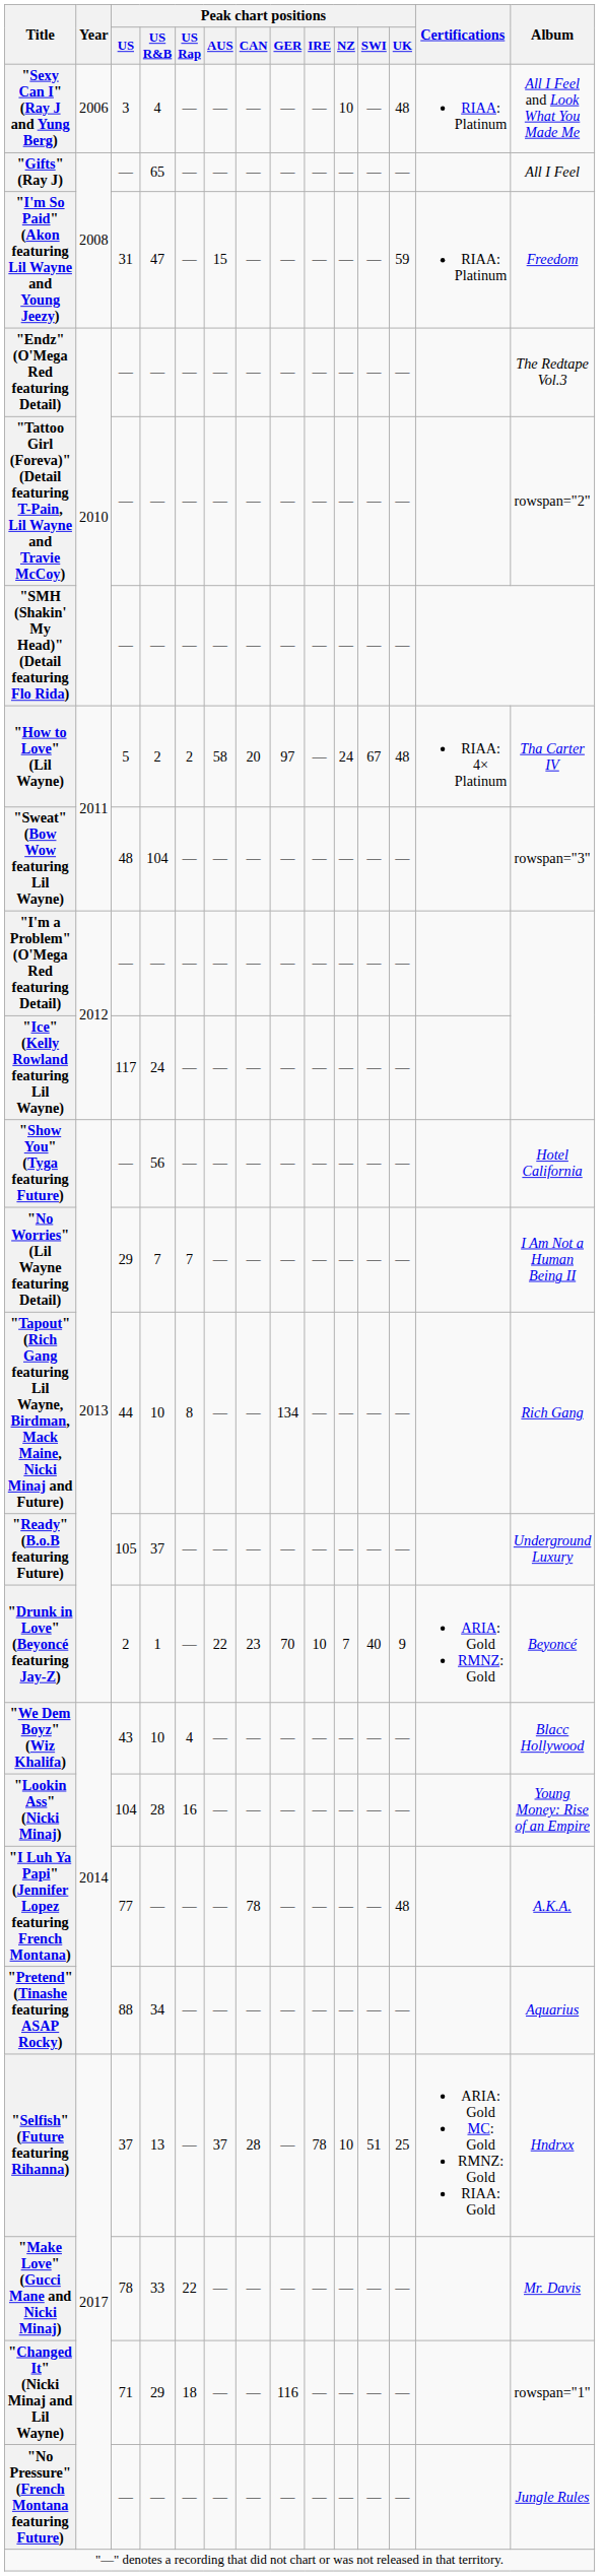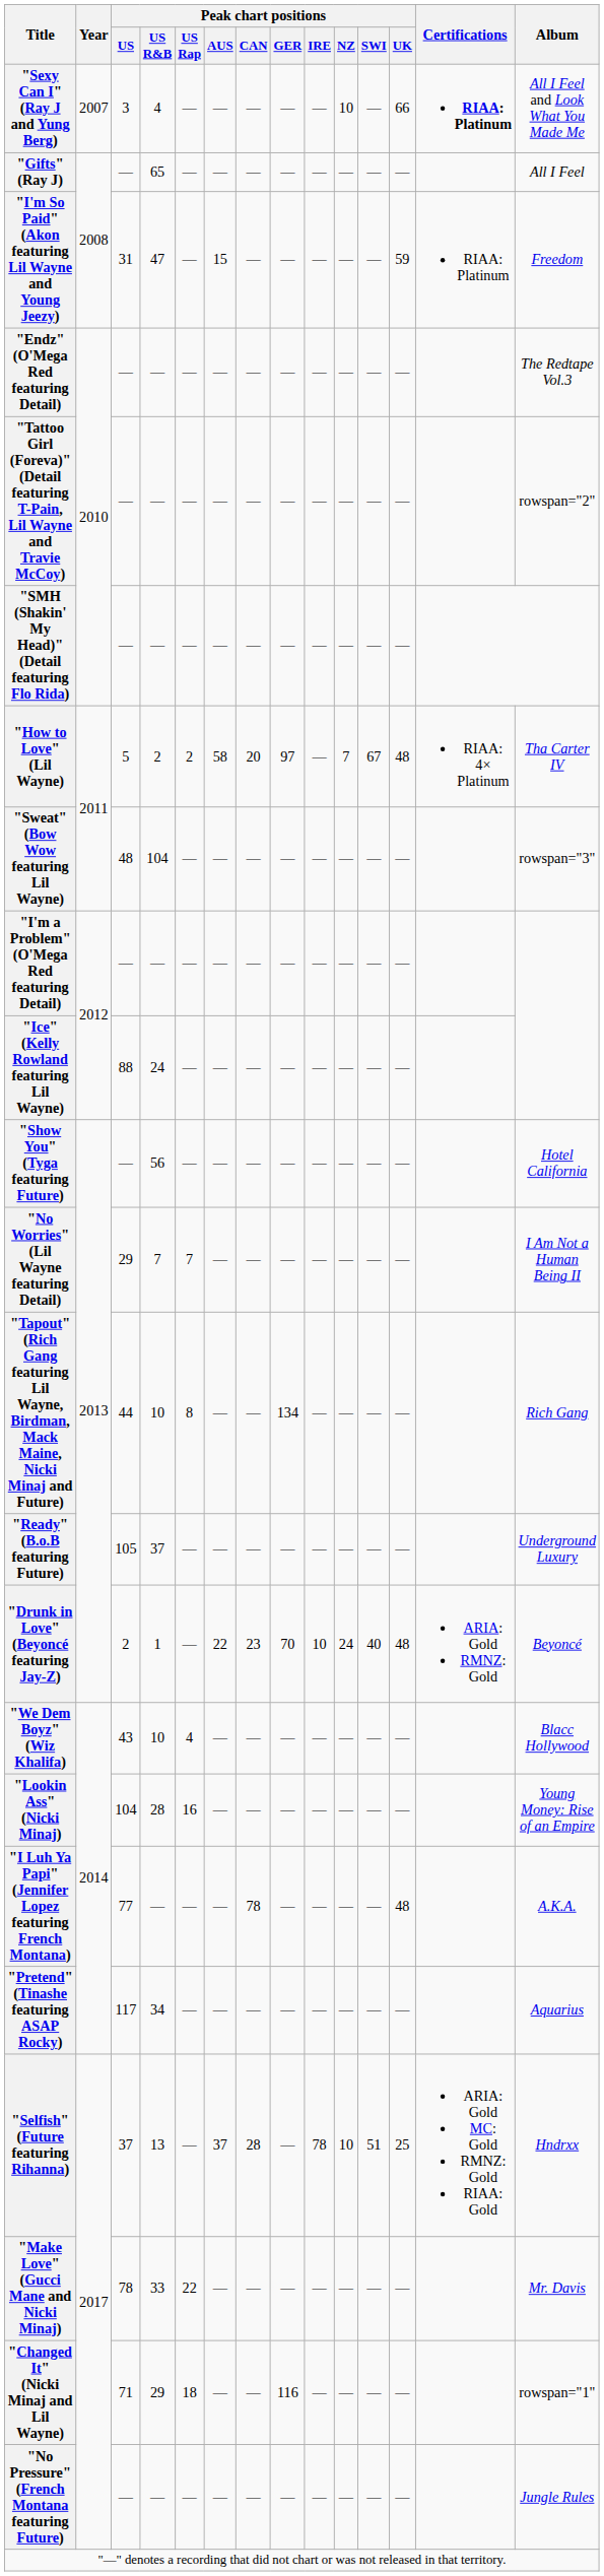 <table class="wikitable plainrowheaders" style="text-align:center;">
 <tr>
 <th scope="col" rowspan="2" style="width:20em;">Title</th>
 <th scope="col" rowspan="2">Year</th>
 <th scope="col" colspan="10">Peak chart positions</th>
 <th scope="col" rowspan="2" style="width:12em;"><a href='#'>Certifications</a></th>
 <th scope="col" rowspan="2">Album</th>
 </tr>
 <tr>
 <th scope="col" style="width:3em;font-size:90%;"><a href='#'>US</a></th>
 <th scope="col" style="width:3em;font-size:90%;"><a href='#'>US R&B</a></th>
 <th scope="col" style="width:3em;font-size:90%;"><a href='#'>US Rap</a></th>
 <th scope="col" style="width:3em;font-size:90%;"><a href='#'>AUS</a></th>
 <th scope="col" style="width:3em;font-size:90%;"><a href='#'>CAN</a></th>
 <th scope="col" style="width:3em;font-size:90%;"><a href='#'>GER</a></th>
 <th scope="col" style="width:3em;font-size:90%;"><a href='#'>IRE</a></th>
 <th scope="col" style="width:3em;font-size:90%;"><a href='#'>NZ</a></th>
 <th scope="col" style="width:3em;font-size:90%;"><a href='#'>SWI</a></th>
 <th scope="col" style="width:3em;font-size:90%;"><a href='#'>UK</a></th>
 </tr>
 <tr>
 <th scope="row">"<a href='#'>Sexy Can I</a>"<br><span>(<a href='#'>Ray J</a> and <a href='#'>Yung Berg</a>)</span></th>
-<td>2006</td>
+<td>2007</td>
 <td>3</td>
 <td>4</td>
 <td>—</td>
 <td>—</td>
 <td>—</td>
 <td>—</td>
 <td>—</td>
 <td>10</td>
 <td>—</td>
-<td>48</td>
-<td><br><ul><li><a href='#'>RIAA</a>: Platinum</li></ul></td>
+<td>66</td>
+<td><strong><br><ul><li><a href='#'>RIAA</a>: Platinum</li></ul></strong></td>
 <td><em><a href='#'>All I Feel</a></em> and <em><a href='#'>Look What You Made Me</a></em></td>
 </tr>
 <tr>
 <th scope="row">"<a href='#'>Gifts</a>"<br><span>(Ray J)</span></th>
 <td rowspan="2">2008</td>
 <td>—</td>
 <td>65</td>
 <td>—</td>
 <td>—</td>
 <td>—</td>
 <td>—</td>
 <td>—</td>
 <td>—</td>
 <td>—</td>
 <td>—</td>
 <td></td>
 <td><em>All I Feel</em></td>
 </tr>
 <tr>
 <th scope="row">"<a href='#'>I'm So Paid</a>"<br><span>(<a href='#'>Akon</a> featuring <a href='#'>Lil Wayne</a> and <a href='#'>Young Jeezy</a>)</span></th>
 <td>31</td>
 <td>47</td>
 <td>—</td>
 <td>15</td>
 <td>—</td>
 <td>—</td>
 <td>—</td>
 <td>—</td>
 <td>—</td>
 <td>59</td>
 <td><br><ul><li>RIAA: Platinum</li></ul></td>
 <td><em><a href='#'>Freedom</a></em></td>
 </tr>
 <tr>
 <th scope="row">"Endz"<br><span>(O'Mega Red featuring Detail)</span></th>
 <td rowspan="3">2010</td>
 <td>—</td>
 <td>—</td>
 <td>—</td>
 <td>—</td>
 <td>—</td>
 <td>—</td>
 <td>—</td>
 <td>—</td>
 <td>—</td>
 <td>—</td>
 <td></td>
 <td><em>The Redtape Vol.3</em></td>
 </tr>
 <tr>
 <th scope="row">"Tattoo Girl (Foreva)"<br><span>(Detail featuring <a href='#'>T-Pain</a>, <a href='#'>Lil Wayne</a> and <a href='#'>Travie McCoy</a>)</span></th>
 <td>—</td>
 <td>—</td>
 <td>—</td>
 <td>—</td>
 <td>—</td>
 <td>—</td>
 <td>—</td>
 <td>—</td>
 <td>—</td>
 <td>—</td>
 <td></td>
 <td>rowspan="2" </td>
 </tr>
 <tr>
 <th scope="row">"SMH (Shakin' My Head)"<br><span>(Detail featuring <a href='#'>Flo Rida</a>)</span></th>
 <td>—</td>
 <td>—</td>
 <td>—</td>
 <td>—</td>
 <td>—</td>
 <td>—</td>
 <td>—</td>
 <td>—</td>
 <td>—</td>
 <td>—</td>
 </tr>
 <tr>
 <th scope="row">"<a href='#'>How to Love</a>"<br><span>(Lil Wayne)</span></th>
 <td rowspan="2">2011</td>
 <td>5</td>
 <td>2</td>
 <td>2</td>
 <td>58</td>
 <td>20</td>
 <td>97</td>
 <td>—</td>
-<td>24</td>
+<td>7</td>
 <td>67</td>
 <td>48</td>
 <td><br><ul><li>RIAA: 4× Platinum</li></ul></td>
 <td><em><a href='#'>Tha Carter IV</a></em></td>
 </tr>
 <tr>
 <th scope="row">"Sweat"<br><span>(<a href='#'>Bow Wow</a> featuring Lil Wayne)</span></th>
 <td>48</td>
 <td>104</td>
 <td>—</td>
 <td>—</td>
 <td>—</td>
 <td>—</td>
 <td>—</td>
 <td>—</td>
 <td>—</td>
 <td>—</td>
 <td></td>
 <td>rowspan="3" </td>
 </tr>
 <tr>
 <th scope="row">"I'm a Problem"<br><span>(O'Mega Red featuring Detail)</span></th>
 <td rowspan="2">2012</td>
 <td>—</td>
 <td>—</td>
 <td>—</td>
 <td>—</td>
 <td>—</td>
 <td>—</td>
 <td>—</td>
 <td>—</td>
 <td>—</td>
 <td>—</td>
 <td></td>
 </tr>
 <tr>
 <th scope="row">"<a href='#'>Ice</a>"<br><span>(<a href='#'>Kelly Rowland</a> featuring Lil Wayne)</span></th>
-<td>117</td>
+<td>88</td>
 <td>24</td>
 <td>—</td>
 <td>—</td>
 <td>—</td>
 <td>—</td>
 <td>—</td>
 <td>—</td>
 <td>—</td>
 <td>—</td>
 <td></td>
 </tr>
 <tr>
 <th scope="row">"<a href='#'>Show You</a>"<br><span>(<a href='#'>Tyga</a> featuring <a href='#'>Future</a>)</span></th>
 <td rowspan="5">2013</td>
 <td>—</td>
 <td>56</td>
 <td>—</td>
 <td>—</td>
 <td>—</td>
 <td>—</td>
 <td>—</td>
 <td>—</td>
 <td>—</td>
 <td>—</td>
 <td></td>
 <td><em><a href='#'>Hotel California</a></em></td>
 </tr>
 <tr>
 <th scope="row">"<a href='#'>No Worries</a>"<br><span>(Lil Wayne featuring Detail)</span></th>
 <td>29</td>
 <td>7</td>
 <td>7</td>
 <td>—</td>
 <td>—</td>
 <td>—</td>
 <td>—</td>
 <td>—</td>
 <td>—</td>
 <td>—</td>
 <td></td>
 <td><em><a href='#'>I Am Not a Human Being II</a></em></td>
 </tr>
 <tr>
 <th scope="row">"<a href='#'>Tapout</a>"<br><span>(<a href='#'>Rich Gang</a> featuring Lil Wayne, <a href='#'>Birdman</a>, <a href='#'>Mack Maine</a>, <a href='#'>Nicki Minaj</a> and Future)</span></th>
 <td>44</td>
 <td>10</td>
 <td>8</td>
 <td>—</td>
 <td>—</td>
 <td>134</td>
 <td>—</td>
 <td>—</td>
 <td>—</td>
 <td>—</td>
 <td></td>
 <td><em><a href='#'>Rich Gang</a></em></td>
 </tr>
 <tr>
 <th scope="row">"<a href='#'>Ready</a>"<br><span>(<a href='#'>B.o.B</a> featuring Future)</span></th>
 <td>105</td>
 <td>37</td>
 <td>—</td>
 <td>—</td>
 <td>—</td>
 <td>—</td>
 <td>—</td>
 <td>—</td>
 <td>—</td>
 <td>—</td>
 <td></td>
 <td><em><a href='#'>Underground Luxury</a></em></td>
 </tr>
 <tr>
 <th scope="row">"<a href='#'>Drunk in Love</a>"<br><span>(<a href='#'>Beyoncé</a> featuring <a href='#'>Jay-Z</a>)</span></th>
 <td>2</td>
 <td>1</td>
 <td>—</td>
 <td>22</td>
 <td>23</td>
 <td>70</td>
 <td>10</td>
-<td>7</td>
+<td>24</td>
 <td>40</td>
-<td>9</td>
+<td>48</td>
 <td><br><ul><li><a href='#'>ARIA</a>: Gold</li><li><a href='#'>RMNZ</a>: Gold</li></ul></td>
 <td><em><a href='#'>Beyoncé</a></em></td>
 </tr>
 <tr>
 <th scope="row">"<a href='#'>We Dem Boyz</a>"<br><span>(<a href='#'>Wiz Khalifa</a>)</span></th>
 <td rowspan="4">2014</td>
 <td>43</td>
 <td>10</td>
 <td>4</td>
 <td>—</td>
 <td>—</td>
 <td>—</td>
 <td>—</td>
 <td>—</td>
 <td>—</td>
 <td>—</td>
 <td></td>
 <td><em><a href='#'>Blacc Hollywood</a></em></td>
 </tr>
 <tr>
 <th scope="row">"<a href='#'>Lookin Ass</a>"<br><span>(<a href='#'>Nicki Minaj</a>)</span></th>
 <td>104</td>
 <td>28</td>
 <td>16</td>
 <td>—</td>
 <td>—</td>
 <td>—</td>
 <td>—</td>
 <td>—</td>
 <td>—</td>
 <td>—</td>
 <td></td>
 <td><em><a href='#'>Young Money: Rise of an Empire</a></em></td>
 </tr>
 <tr>
 <th scope="row">"<a href='#'>I Luh Ya Papi</a>"<br><span>(<a href='#'>Jennifer Lopez</a> featuring <a href='#'>French Montana</a>)</span></th>
 <td>77</td>
 <td>—</td>
 <td>—</td>
 <td>—</td>
 <td>78</td>
 <td>—</td>
 <td>—</td>
 <td>—</td>
 <td>—</td>
 <td>48</td>
 <td></td>
 <td><em><a href='#'>A.K.A.</a></em></td>
 </tr>
 <tr>
 <th scope="row">"<a href='#'>Pretend</a>"<br><span>(<a href='#'>Tinashe</a> featuring <a href='#'>ASAP Rocky</a>)</span></th>
-<td>88</td>
+<td>117</td>
 <td>34</td>
 <td>—</td>
 <td>—</td>
 <td>—</td>
 <td>—</td>
 <td>—</td>
 <td>—</td>
 <td>—</td>
 <td>—</td>
 <td></td>
 <td><em><a href='#'>Aquarius</a></em></td>
 </tr>
 <tr>
 <th scope="row">"<a href='#'>Selfish</a>"<br><span>(<a href='#'>Future</a> featuring <a href='#'>Rihanna</a>)</span></th>
 <td rowspan="4">2017</td>
 <td>37</td>
 <td>13</td>
 <td>—</td>
 <td>37</td>
 <td>28</td>
 <td>—</td>
 <td>78</td>
 <td>10</td>
 <td>51</td>
 <td>25</td>
 <td><br><ul><li>ARIA: Gold</li><li><a href='#'>MC</a>: Gold</li><li>RMNZ: Gold</li><li>RIAA: Gold</li></ul></td>
 <td><em><a href='#'>Hndrxx</a></em></td>
 </tr>
 <tr>
 <th scope="row">"<a href='#'>Make Love</a>"<br><span>(<a href='#'>Gucci Mane</a> and <a href='#'>Nicki Minaj</a>)</span></th>
 <td>78</td>
 <td>33</td>
 <td>22</td>
 <td>—</td>
 <td>—</td>
 <td>—</td>
 <td>—</td>
 <td>—</td>
 <td>—</td>
 <td>—</td>
 <td></td>
 <td><em><a href='#'>Mr. Davis</a></em></td>
 </tr>
 <tr>
 <th scope="row">"<a href='#'>Changed It</a>"<br><span>(Nicki Minaj and Lil Wayne)</span></th>
 <td>71</td>
 <td>29</td>
 <td>18</td>
 <td>—</td>
 <td>—</td>
 <td>116</td>
 <td>—</td>
 <td>—</td>
 <td>—</td>
 <td>—</td>
 <td></td>
 <td>rowspan="1" </td>
 </tr>
 <tr>
 <th scope="row">"No Pressure"<br><span>(<a href='#'>French Montana</a> featuring <a href='#'>Future</a>)</span></th>
 <td>—</td>
 <td>—</td>
 <td>—</td>
 <td>—</td>
 <td>—</td>
 <td>—</td>
 <td>—</td>
 <td>—</td>
 <td>—</td>
 <td>—</td>
 <td></td>
 <td><em><a href='#'>Jungle Rules</a></em></td>
 </tr>
 <tr>
 <td colspan="14" style="font-size:90%">"—" denotes a recording that did not chart or was not released in that territory.</td>
 </tr>
 </table>
